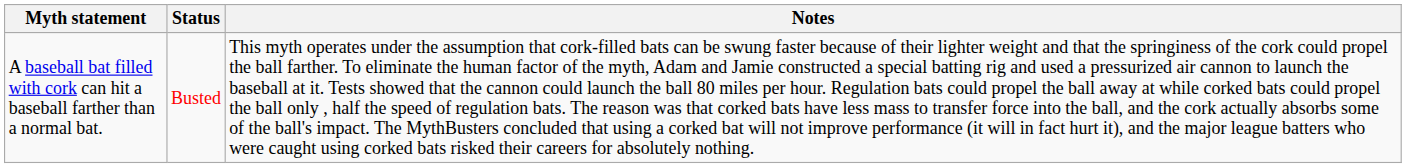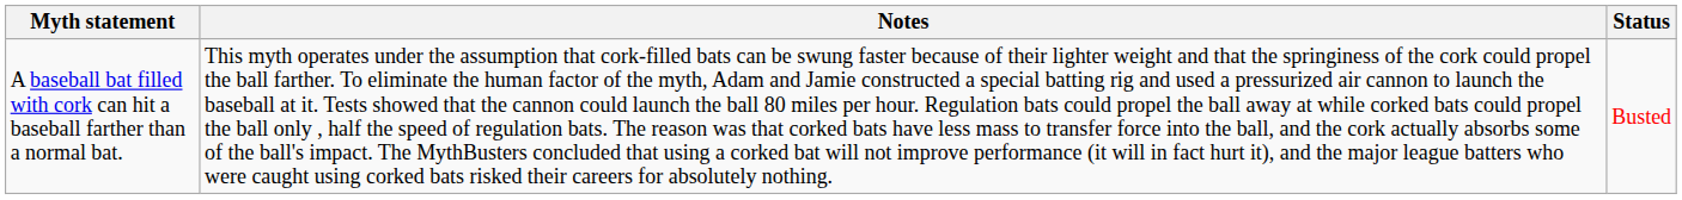 <table class="wikitable plainrowheaders">
 <tr>
 <th>Myth statement</th>
+<th>Notes</th>
 <th>Status</th>
-<th>Notes</th>
 </tr>
 <tr>
 <td>A <a href='#'>baseball bat filled with cork</a> can hit a baseball farther than a normal bat.</td>
+<td>This myth operates under the assumption that cork-filled bats can be swung faster because of their lighter weight and that the springiness of the cork could propel the ball farther. To eliminate the human factor of the myth, Adam and Jamie constructed a special batting rig and used a pressurized air cannon to launch the baseball at it. Tests showed that the cannon could launch the ball 80 miles per hour. Regulation bats could propel the ball away at  while corked bats could propel the ball only , half the speed of regulation bats. The reason was that corked bats have less mass to transfer force into the ball, and the cork actually absorbs some of the ball's impact. The MythBusters concluded that using a corked bat will not improve performance (it will in fact hurt it), and the major league batters who were caught using corked bats risked their careers for absolutely nothing.</td>
 <td style="color:red">Busted</td>
-<td>This myth operates under the assumption that cork-filled bats can be swung faster because of their lighter weight and that the springiness of the cork could propel the ball farther. To eliminate the human factor of the myth, Adam and Jamie constructed a special batting rig and used a pressurized air cannon to launch the baseball at it. Tests showed that the cannon could launch the ball 80 miles per hour. Regulation bats could propel the ball away at  while corked bats could propel the ball only , half the speed of regulation bats. The reason was that corked bats have less mass to transfer force into the ball, and the cork actually absorbs some of the ball's impact. The MythBusters concluded that using a corked bat will not improve performance (it will in fact hurt it), and the major league batters who were caught using corked bats risked their careers for absolutely nothing.</td>
 </tr>
 </table>
